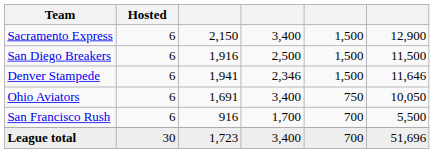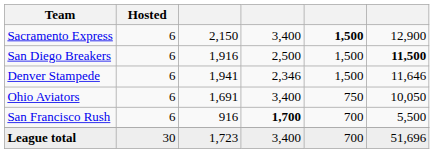 <table class="wikitable sortable"  style="text-align: right;">
 <tr>
 <th>Team</th>
 <th width=70px>Hosted</th>
 <th width=70px></th>
 <th width=70px></th>
 <th width=70px></th>
 <th width=70px></th>
 </tr>
 <tr>
 <td style="text-align: left"><a href='#'>Sacramento Express</a></td>
 <td>6</td>
 <td>2,150</td>
 <td>3,400</td>
-<td>1,500</td>
+<td><strong>1,500</strong></td>
 <td>12,900</td>
 </tr>
 <tr>
 <td style="text-align: left"><a href='#'>San Diego Breakers</a></td>
 <td>6</td>
 <td>1,916</td>
 <td>2,500</td>
 <td>1,500</td>
-<td>11,500</td>
+<td><strong>11,500</strong></td>
 </tr>
 <tr>
 <td style="text-align: left"><a href='#'>Denver Stampede</a></td>
 <td>6</td>
 <td>1,941</td>
 <td>2,346</td>
 <td>1,500</td>
 <td>11,646</td>
 </tr>
 <tr>
 <td style="text-align: left"><a href='#'>Ohio Aviators</a></td>
 <td>6</td>
 <td>1,691</td>
 <td>3,400</td>
 <td>750</td>
 <td>10,050</td>
 </tr>
 <tr>
 <td style="text-align: left"><a href='#'>San Francisco Rush</a></td>
 <td>6</td>
 <td>916</td>
-<td>1,700</td>
+<td><strong>1,700</strong></td>
 <td>700</td>
 <td>5,500</td>
 </tr>
 <tr>
 </tr>
 <tr class="sortbottom" valign="top" style="background:#eeeeee">
 <td style="text-align: left"><strong>League total</strong></td>
 <td>30</td>
 <td>1,723</td>
 <td>3,400</td>
 <td>700</td>
 <td>51,696</td>
 </tr>
 </table>
